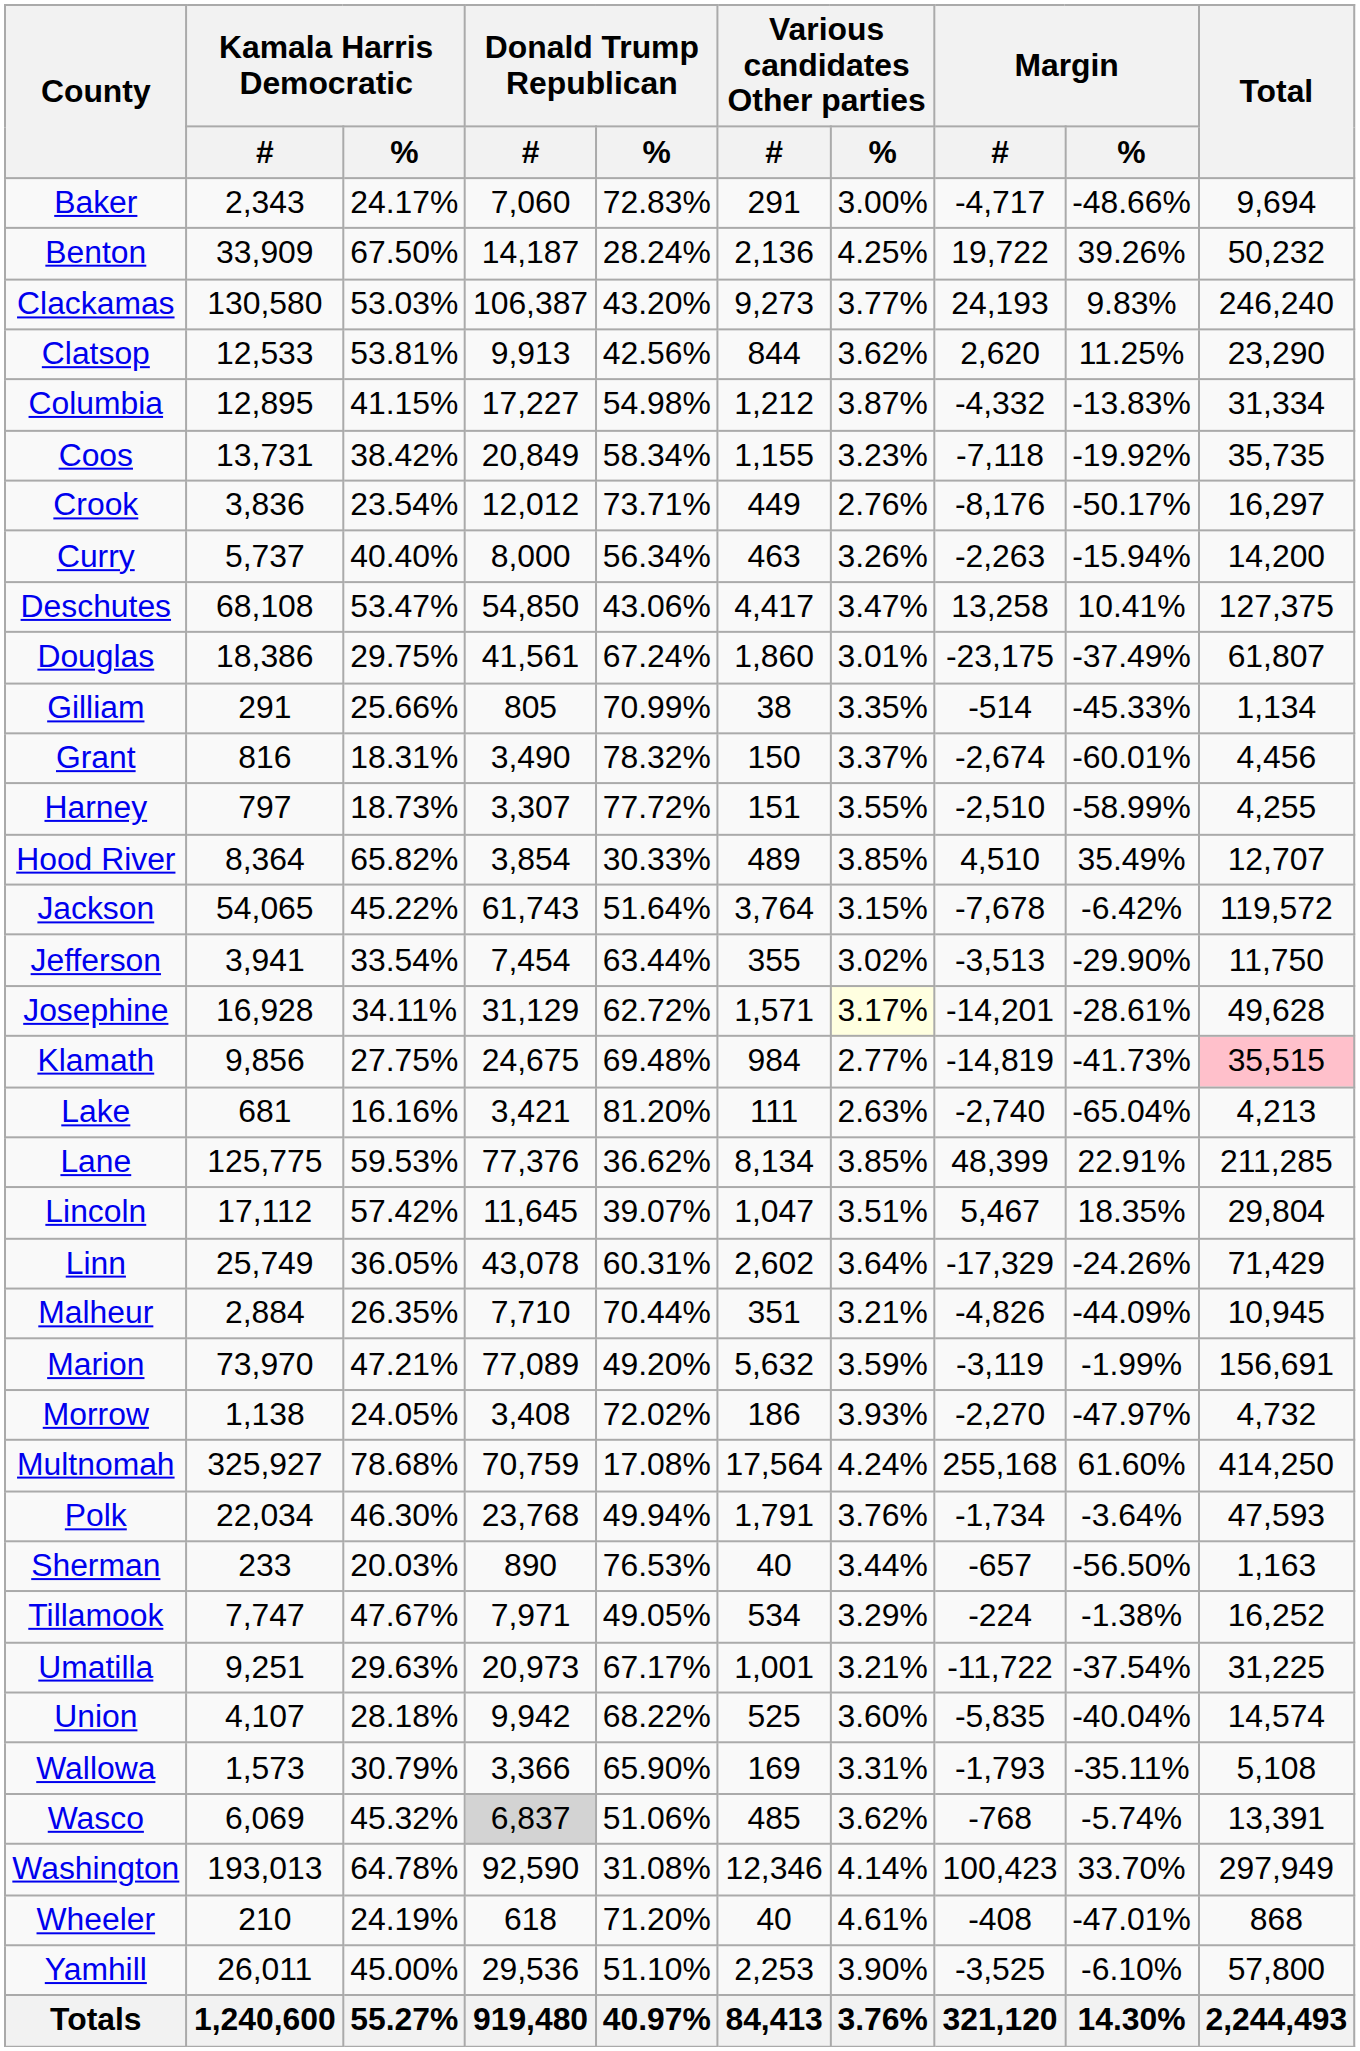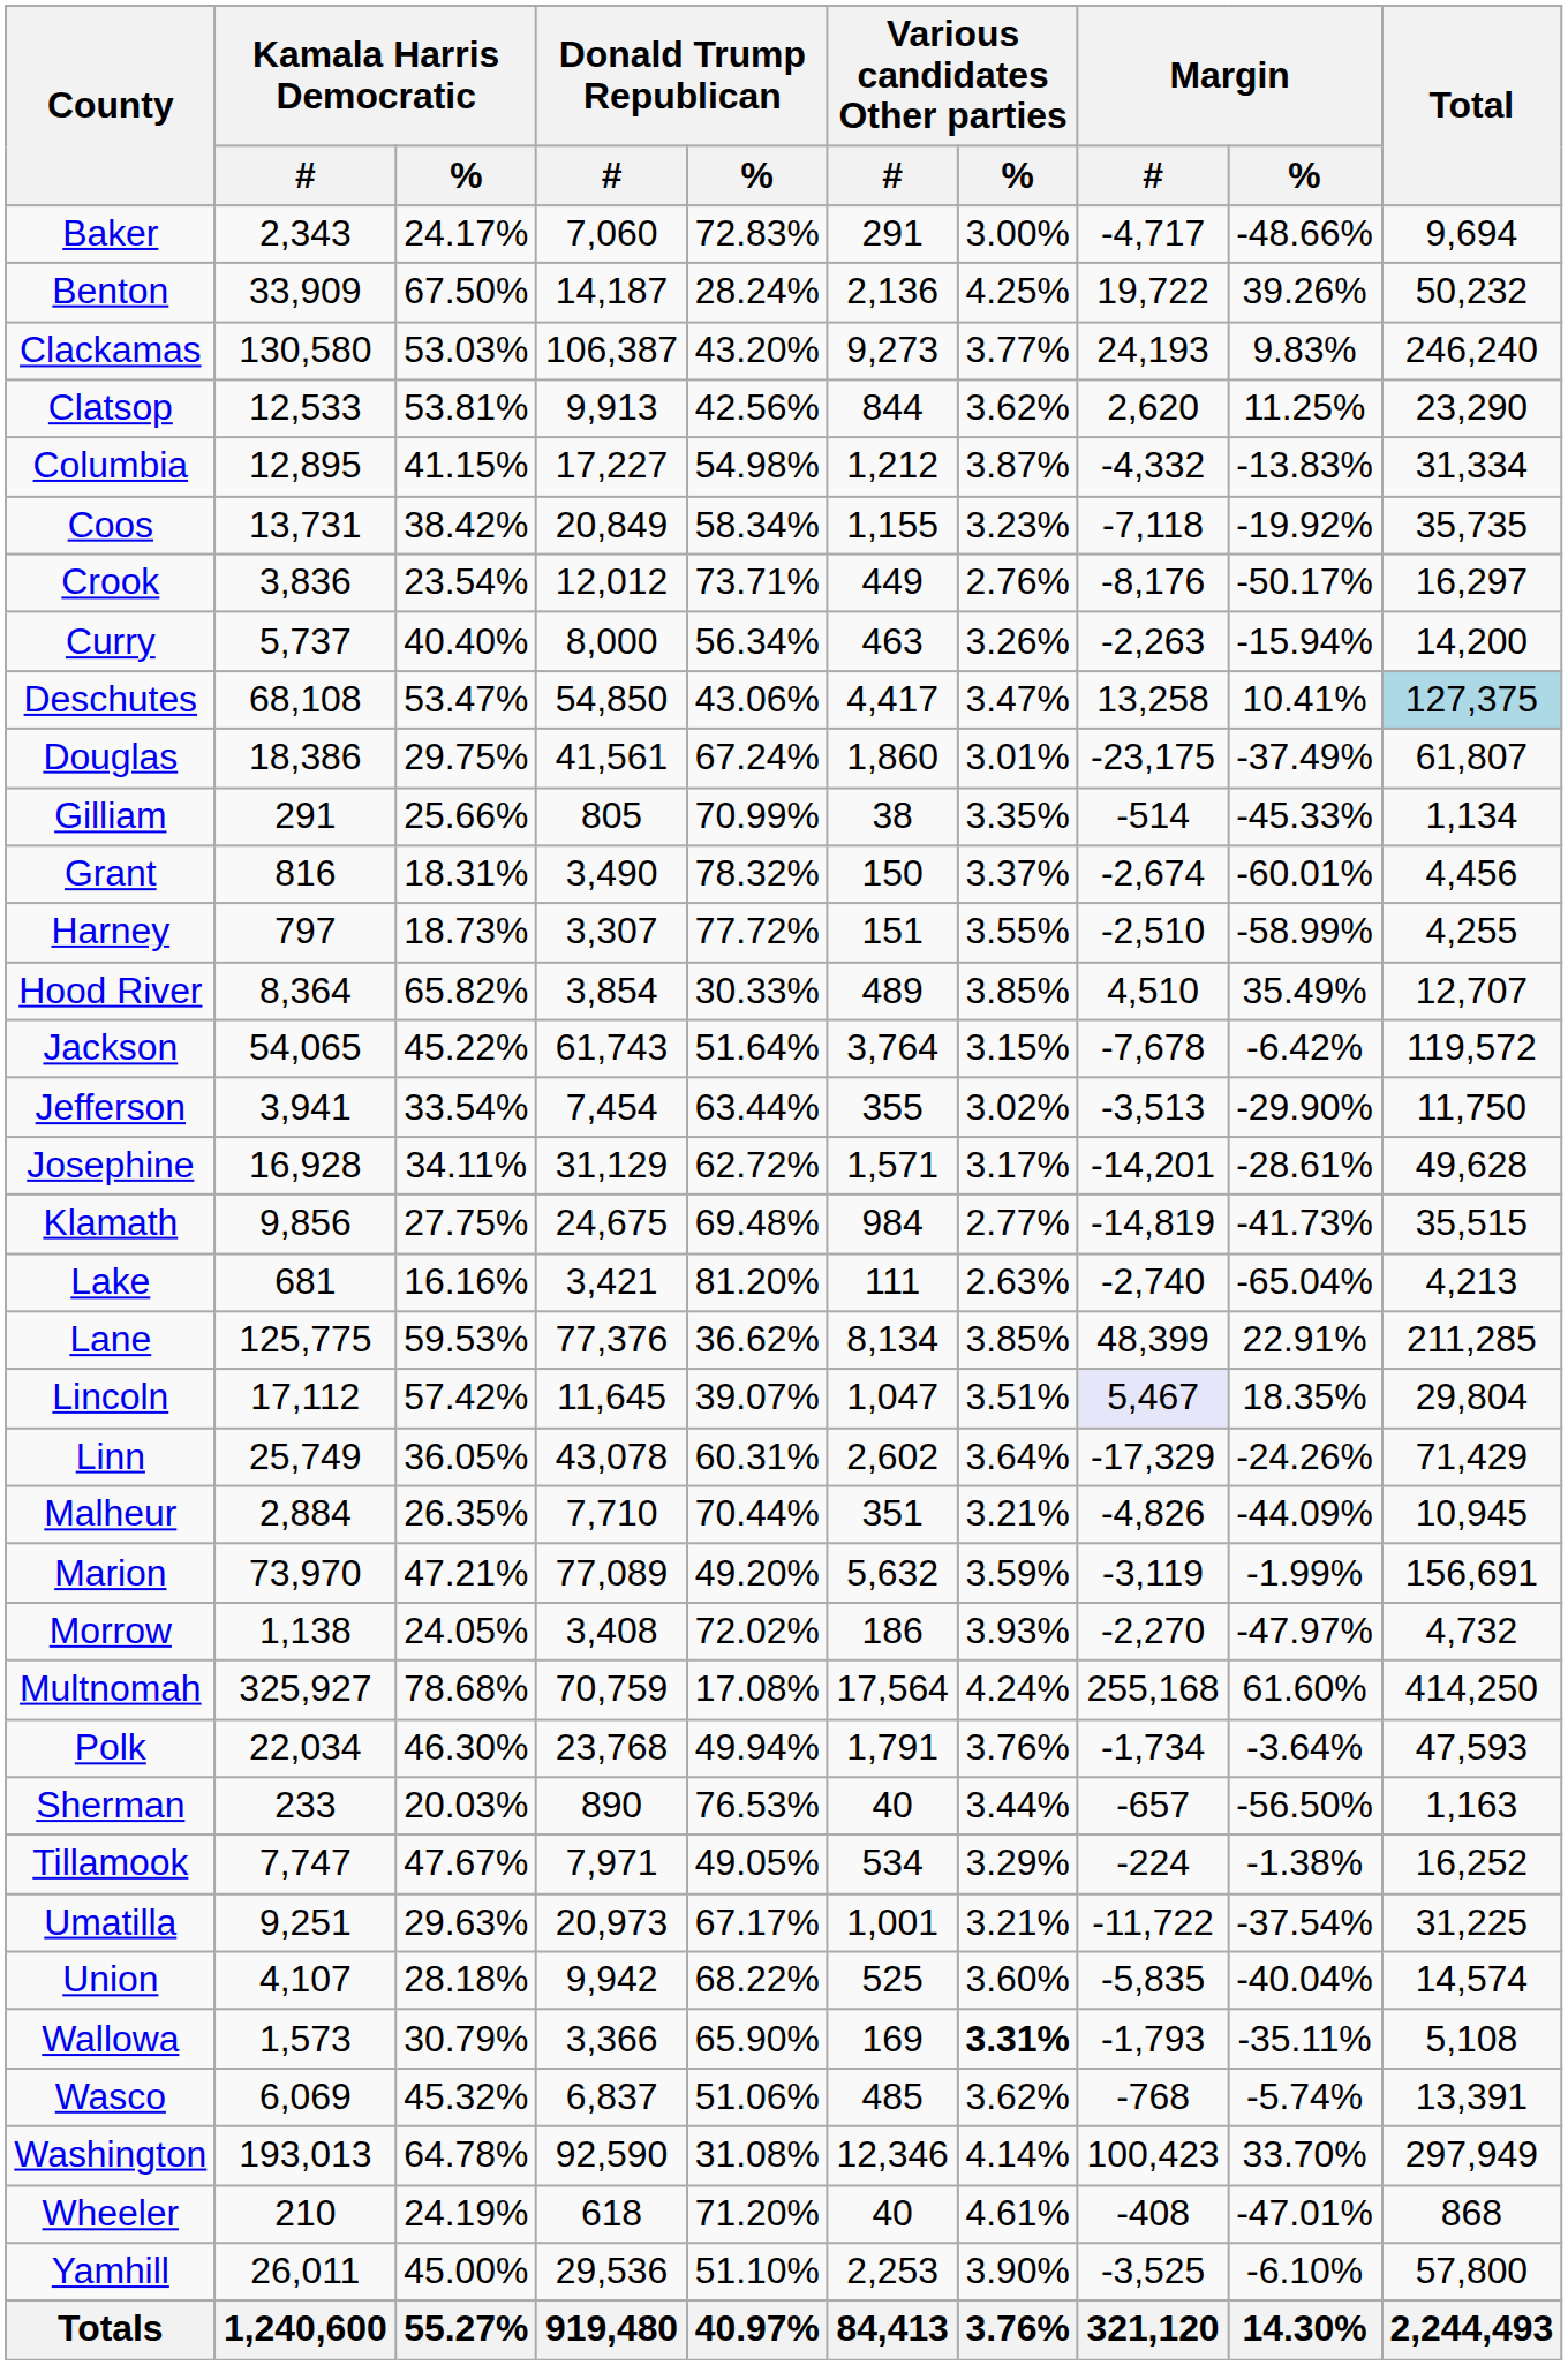 <table width="60%"  class="wikitable sortable" style="text-align:center">
 <tr>
 <th style="text-align:center;" rowspan="2">County</th>
 <th style="text-align:center;" colspan="2">Kamala Harris<br>Democratic</th>
 <th style="text-align:center;" colspan="2">Donald Trump<br>Republican</th>
 <th style="text-align:center;" colspan="2">Various candidates<br>Other parties</th>
 <th style="text-align:center;" colspan="2">Margin</th>
 <th style="text-align:center;" rowspan="2">Total</th>
 </tr>
 <tr>
 <th style="text-align:center;" data-sort-type="number">#</th>
 <th style="text-align:center;" data-sort-type="number">%</th>
 <th style="text-align:center;" data-sort-type="number">#</th>
 <th style="text-align:center;" data-sort-type="number">%</th>
 <th style="text-align:center;" data-sort-type="number">#</th>
 <th style="text-align:center;" data-sort-type="number">%</th>
 <th style="text-align:center;" data-sort-type="number">#</th>
 <th style="text-align:center;" data-sort-type="number">%</th>
 </tr>
 <tr style="text-align:center;">
 <td><a href='#'>Baker</a></td>
 <td>2,343</td>
 <td>24.17%</td>
 <td>7,060</td>
 <td>72.83%</td>
 <td>291</td>
 <td>3.00%</td>
 <td>-4,717</td>
 <td>-48.66%</td>
 <td>9,694</td>
 </tr>
 <tr style="text-align:center;">
 <td><a href='#'>Benton</a></td>
 <td>33,909</td>
 <td>67.50%</td>
 <td>14,187</td>
 <td>28.24%</td>
 <td>2,136</td>
 <td>4.25%</td>
 <td>19,722</td>
 <td>39.26%</td>
 <td>50,232</td>
 </tr>
 <tr style="text-align:center;">
 <td><a href='#'>Clackamas</a></td>
 <td>130,580</td>
 <td>53.03%</td>
 <td>106,387</td>
 <td>43.20%</td>
 <td>9,273</td>
 <td>3.77%</td>
 <td>24,193</td>
 <td>9.83%</td>
 <td>246,240</td>
 </tr>
 <tr style="text-align:center;">
 <td><a href='#'>Clatsop</a></td>
 <td>12,533</td>
 <td>53.81%</td>
 <td>9,913</td>
 <td>42.56%</td>
 <td>844</td>
 <td>3.62%</td>
 <td>2,620</td>
 <td>11.25%</td>
 <td>23,290</td>
 </tr>
 <tr style="text-align:center;">
 <td><a href='#'>Columbia</a></td>
 <td>12,895</td>
 <td>41.15%</td>
 <td>17,227</td>
 <td>54.98%</td>
 <td>1,212</td>
 <td>3.87%</td>
 <td>-4,332</td>
 <td>-13.83%</td>
 <td>31,334</td>
 </tr>
 <tr style="text-align:center;">
 <td><a href='#'>Coos</a></td>
 <td>13,731</td>
 <td>38.42%</td>
 <td>20,849</td>
 <td>58.34%</td>
 <td>1,155</td>
 <td>3.23%</td>
 <td>-7,118</td>
 <td>-19.92%</td>
 <td>35,735</td>
 </tr>
 <tr style="text-align:center;">
 <td><a href='#'>Crook</a></td>
 <td>3,836</td>
 <td>23.54%</td>
 <td>12,012</td>
 <td>73.71%</td>
 <td>449</td>
 <td>2.76%</td>
 <td>-8,176</td>
 <td>-50.17%</td>
 <td>16,297</td>
 </tr>
 <tr style="text-align:center;">
 <td><a href='#'>Curry</a></td>
 <td>5,737</td>
 <td>40.40%</td>
 <td>8,000</td>
 <td>56.34%</td>
 <td>463</td>
 <td>3.26%</td>
 <td>-2,263</td>
 <td>-15.94%</td>
 <td>14,200</td>
 </tr>
 <tr style="text-align:center;">
 <td><a href='#'>Deschutes</a></td>
 <td>68,108</td>
 <td>53.47%</td>
 <td>54,850</td>
 <td>43.06%</td>
 <td>4,417</td>
 <td>3.47%</td>
 <td>13,258</td>
 <td>10.41%</td>
-<td>127,375</td>
+<td style="background: lightblue;">127,375</td>
 </tr>
 <tr style="text-align:center;">
 <td><a href='#'>Douglas</a></td>
 <td>18,386</td>
 <td>29.75%</td>
 <td>41,561</td>
 <td>67.24%</td>
 <td>1,860</td>
 <td>3.01%</td>
 <td>-23,175</td>
 <td>-37.49%</td>
 <td>61,807</td>
 </tr>
 <tr style="text-align:center;">
 <td><a href='#'>Gilliam</a></td>
 <td>291</td>
 <td>25.66%</td>
 <td>805</td>
 <td>70.99%</td>
 <td>38</td>
 <td>3.35%</td>
 <td>-514</td>
 <td>-45.33%</td>
 <td>1,134</td>
 </tr>
 <tr style="text-align:center;">
 <td><a href='#'>Grant</a></td>
 <td>816</td>
 <td>18.31%</td>
 <td>3,490</td>
 <td>78.32%</td>
 <td>150</td>
 <td>3.37%</td>
 <td>-2,674</td>
 <td>-60.01%</td>
 <td>4,456</td>
 </tr>
 <tr style="text-align:center;">
 <td><a href='#'>Harney</a></td>
 <td>797</td>
 <td>18.73%</td>
 <td>3,307</td>
 <td>77.72%</td>
 <td>151</td>
 <td>3.55%</td>
 <td>-2,510</td>
 <td>-58.99%</td>
 <td>4,255</td>
 </tr>
 <tr style="text-align:center;">
 <td><a href='#'>Hood River</a></td>
 <td>8,364</td>
 <td>65.82%</td>
 <td>3,854</td>
 <td>30.33%</td>
 <td>489</td>
 <td>3.85%</td>
 <td>4,510</td>
 <td>35.49%</td>
 <td>12,707</td>
 </tr>
 <tr style="text-align:center;">
 <td><a href='#'>Jackson</a></td>
 <td>54,065</td>
 <td>45.22%</td>
 <td>61,743</td>
 <td>51.64%</td>
 <td>3,764</td>
 <td>3.15%</td>
 <td>-7,678</td>
 <td>-6.42%</td>
 <td>119,572</td>
 </tr>
 <tr style="text-align:center;">
 <td><a href='#'>Jefferson</a></td>
 <td>3,941</td>
 <td>33.54%</td>
 <td>7,454</td>
 <td>63.44%</td>
 <td>355</td>
 <td>3.02%</td>
 <td>-3,513</td>
 <td>-29.90%</td>
 <td>11,750</td>
 </tr>
 <tr style="text-align:center;">
 <td><a href='#'>Josephine</a></td>
 <td>16,928</td>
 <td>34.11%</td>
 <td>31,129</td>
 <td>62.72%</td>
 <td>1,571</td>
-<td style="background: lightyellow;">3.17%</td>
+<td>3.17%</td>
 <td>-14,201</td>
 <td>-28.61%</td>
 <td>49,628</td>
 </tr>
 <tr style="text-align:center;">
 <td><a href='#'>Klamath</a></td>
 <td>9,856</td>
 <td>27.75%</td>
 <td>24,675</td>
 <td>69.48%</td>
 <td>984</td>
 <td>2.77%</td>
 <td>-14,819</td>
 <td>-41.73%</td>
-<td style="background: pink;">35,515</td>
+<td>35,515</td>
 </tr>
 <tr style="text-align:center;">
 <td><a href='#'>Lake</a></td>
 <td>681</td>
 <td>16.16%</td>
 <td>3,421</td>
 <td>81.20%</td>
 <td>111</td>
 <td>2.63%</td>
 <td>-2,740</td>
 <td>-65.04%</td>
 <td>4,213</td>
 </tr>
 <tr style="text-align:center;">
 <td><a href='#'>Lane</a></td>
 <td>125,775</td>
 <td>59.53%</td>
 <td>77,376</td>
 <td>36.62%</td>
 <td>8,134</td>
 <td>3.85%</td>
 <td>48,399</td>
 <td>22.91%</td>
 <td>211,285</td>
 </tr>
 <tr style="text-align:center;">
 <td><a href='#'>Lincoln</a></td>
 <td>17,112</td>
 <td>57.42%</td>
 <td>11,645</td>
 <td>39.07%</td>
 <td>1,047</td>
 <td>3.51%</td>
-<td>5,467</td>
+<td style="background: lavender;">5,467</td>
 <td>18.35%</td>
 <td>29,804</td>
 </tr>
 <tr style="text-align:center;">
 <td><a href='#'>Linn</a></td>
 <td>25,749</td>
 <td>36.05%</td>
 <td>43,078</td>
 <td>60.31%</td>
 <td>2,602</td>
 <td>3.64%</td>
 <td>-17,329</td>
 <td>-24.26%</td>
 <td>71,429</td>
 </tr>
 <tr style="text-align:center;">
 <td><a href='#'>Malheur</a></td>
 <td>2,884</td>
 <td>26.35%</td>
 <td>7,710</td>
 <td>70.44%</td>
 <td>351</td>
 <td>3.21%</td>
 <td>-4,826</td>
 <td>-44.09%</td>
 <td>10,945</td>
 </tr>
 <tr style="text-align:center;">
 <td><a href='#'>Marion</a></td>
 <td>73,970</td>
 <td>47.21%</td>
 <td>77,089</td>
 <td>49.20%</td>
 <td>5,632</td>
 <td>3.59%</td>
 <td>-3,119</td>
 <td>-1.99%</td>
 <td>156,691</td>
 </tr>
 <tr style="text-align:center;">
 <td><a href='#'>Morrow</a></td>
 <td>1,138</td>
 <td>24.05%</td>
 <td>3,408</td>
 <td>72.02%</td>
 <td>186</td>
 <td>3.93%</td>
 <td>-2,270</td>
 <td>-47.97%</td>
 <td>4,732</td>
 </tr>
 <tr style="text-align:center;">
 <td><a href='#'>Multnomah</a></td>
 <td>325,927</td>
 <td>78.68%</td>
 <td>70,759</td>
 <td>17.08%</td>
 <td>17,564</td>
 <td>4.24%</td>
 <td>255,168</td>
 <td>61.60%</td>
 <td>414,250</td>
 </tr>
 <tr style="text-align:center;">
 <td><a href='#'>Polk</a></td>
 <td>22,034</td>
 <td>46.30%</td>
 <td>23,768</td>
 <td>49.94%</td>
 <td>1,791</td>
 <td>3.76%</td>
 <td>-1,734</td>
 <td>-3.64%</td>
 <td>47,593</td>
 </tr>
 <tr style="text-align:center;">
 <td><a href='#'>Sherman</a></td>
 <td>233</td>
 <td>20.03%</td>
 <td>890</td>
 <td>76.53%</td>
 <td>40</td>
 <td>3.44%</td>
 <td>-657</td>
 <td>-56.50%</td>
 <td>1,163</td>
 </tr>
 <tr style="text-align:center;">
 <td><a href='#'>Tillamook</a></td>
 <td>7,747</td>
 <td>47.67%</td>
 <td>7,971</td>
 <td>49.05%</td>
 <td>534</td>
 <td>3.29%</td>
 <td>-224</td>
 <td>-1.38%</td>
 <td>16,252</td>
 </tr>
 <tr style="text-align:center;">
 <td><a href='#'>Umatilla</a></td>
 <td>9,251</td>
 <td>29.63%</td>
 <td>20,973</td>
 <td>67.17%</td>
 <td>1,001</td>
 <td>3.21%</td>
 <td>-11,722</td>
 <td>-37.54%</td>
 <td>31,225</td>
 </tr>
 <tr style="text-align:center;">
 <td><a href='#'>Union</a></td>
 <td>4,107</td>
 <td>28.18%</td>
 <td>9,942</td>
 <td>68.22%</td>
 <td>525</td>
 <td>3.60%</td>
 <td>-5,835</td>
 <td>-40.04%</td>
 <td>14,574</td>
 </tr>
 <tr style="text-align:center;">
 <td><a href='#'>Wallowa</a></td>
 <td>1,573</td>
 <td>30.79%</td>
 <td>3,366</td>
 <td>65.90%</td>
 <td>169</td>
-<td>3.31%</td>
+<td><strong>3.31%</strong></td>
 <td>-1,793</td>
 <td>-35.11%</td>
 <td>5,108</td>
 </tr>
 <tr style="text-align:center;">
 <td><a href='#'>Wasco</a></td>
 <td>6,069</td>
 <td>45.32%</td>
-<td style="background: lightgrey;">6,837</td>
+<td>6,837</td>
 <td>51.06%</td>
 <td>485</td>
 <td>3.62%</td>
 <td>-768</td>
 <td>-5.74%</td>
 <td>13,391</td>
 </tr>
 <tr style="text-align:center;">
 <td><a href='#'>Washington</a></td>
 <td>193,013</td>
 <td>64.78%</td>
 <td>92,590</td>
 <td>31.08%</td>
 <td>12,346</td>
 <td>4.14%</td>
 <td>100,423</td>
 <td>33.70%</td>
 <td>297,949</td>
 </tr>
 <tr style="text-align:center;">
 <td><a href='#'>Wheeler</a></td>
 <td>210</td>
 <td>24.19%</td>
 <td>618</td>
 <td>71.20%</td>
 <td>40</td>
 <td>4.61%</td>
 <td>-408</td>
 <td>-47.01%</td>
 <td>868</td>
 </tr>
 <tr style="text-align:center;">
 <td><a href='#'>Yamhill</a></td>
 <td>26,011</td>
 <td>45.00%</td>
 <td>29,536</td>
 <td>51.10%</td>
 <td>2,253</td>
 <td>3.90%</td>
 <td>-3,525</td>
 <td>-6.10%</td>
 <td>57,800</td>
 </tr>
 <tr>
 <th>Totals</th>
 <th>1,240,600</th>
 <th>55.27%</th>
 <th>919,480</th>
 <th>40.97%</th>
 <th>84,413</th>
 <th>3.76%</th>
 <th>321,120</th>
 <th>14.30%</th>
 <th>2,244,493</th>
 </tr>
 </table>
